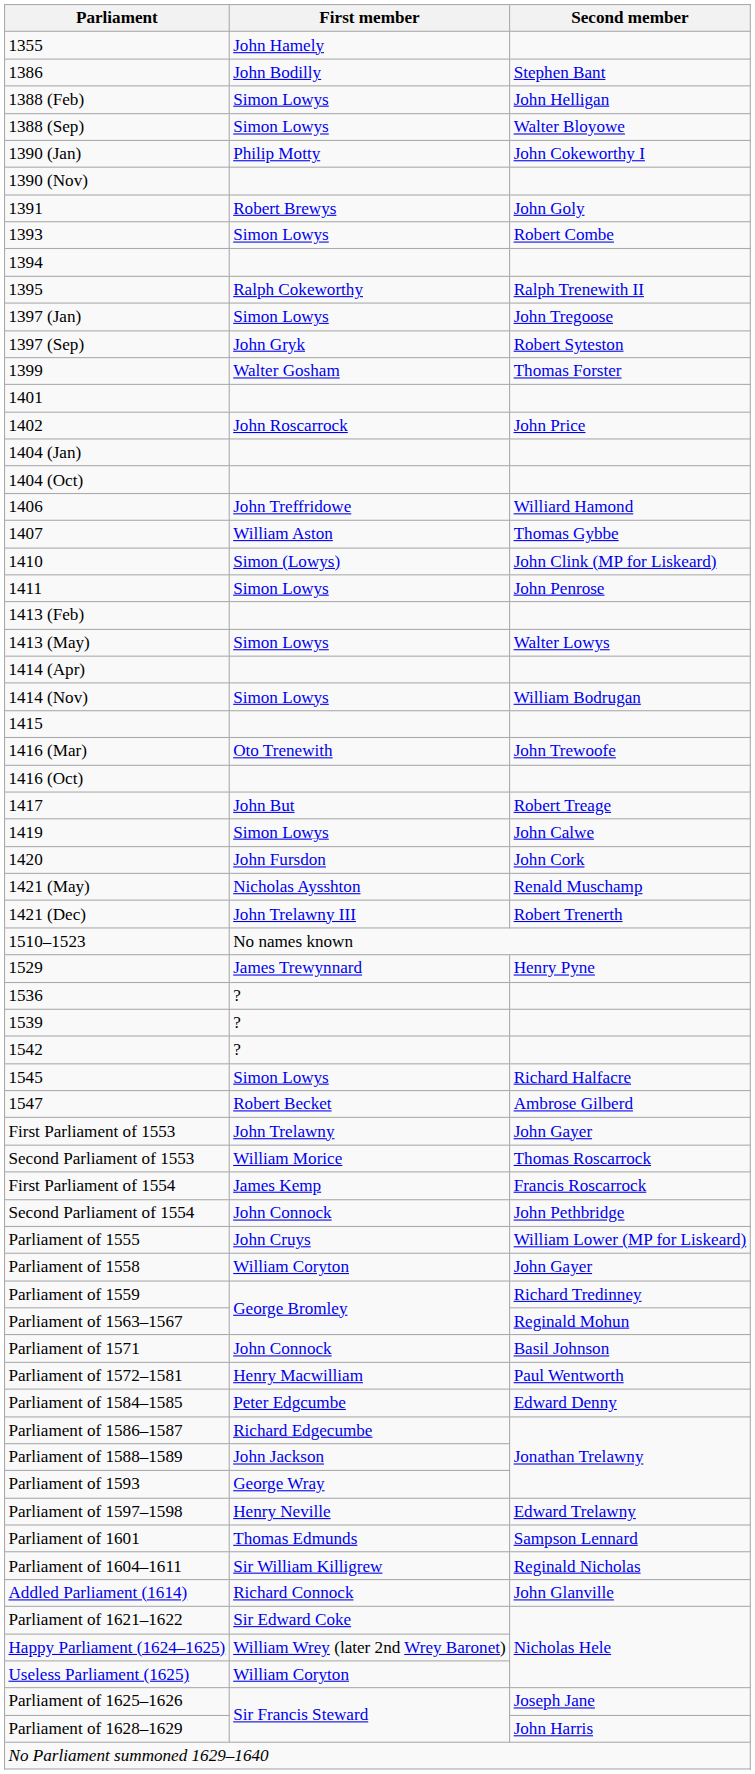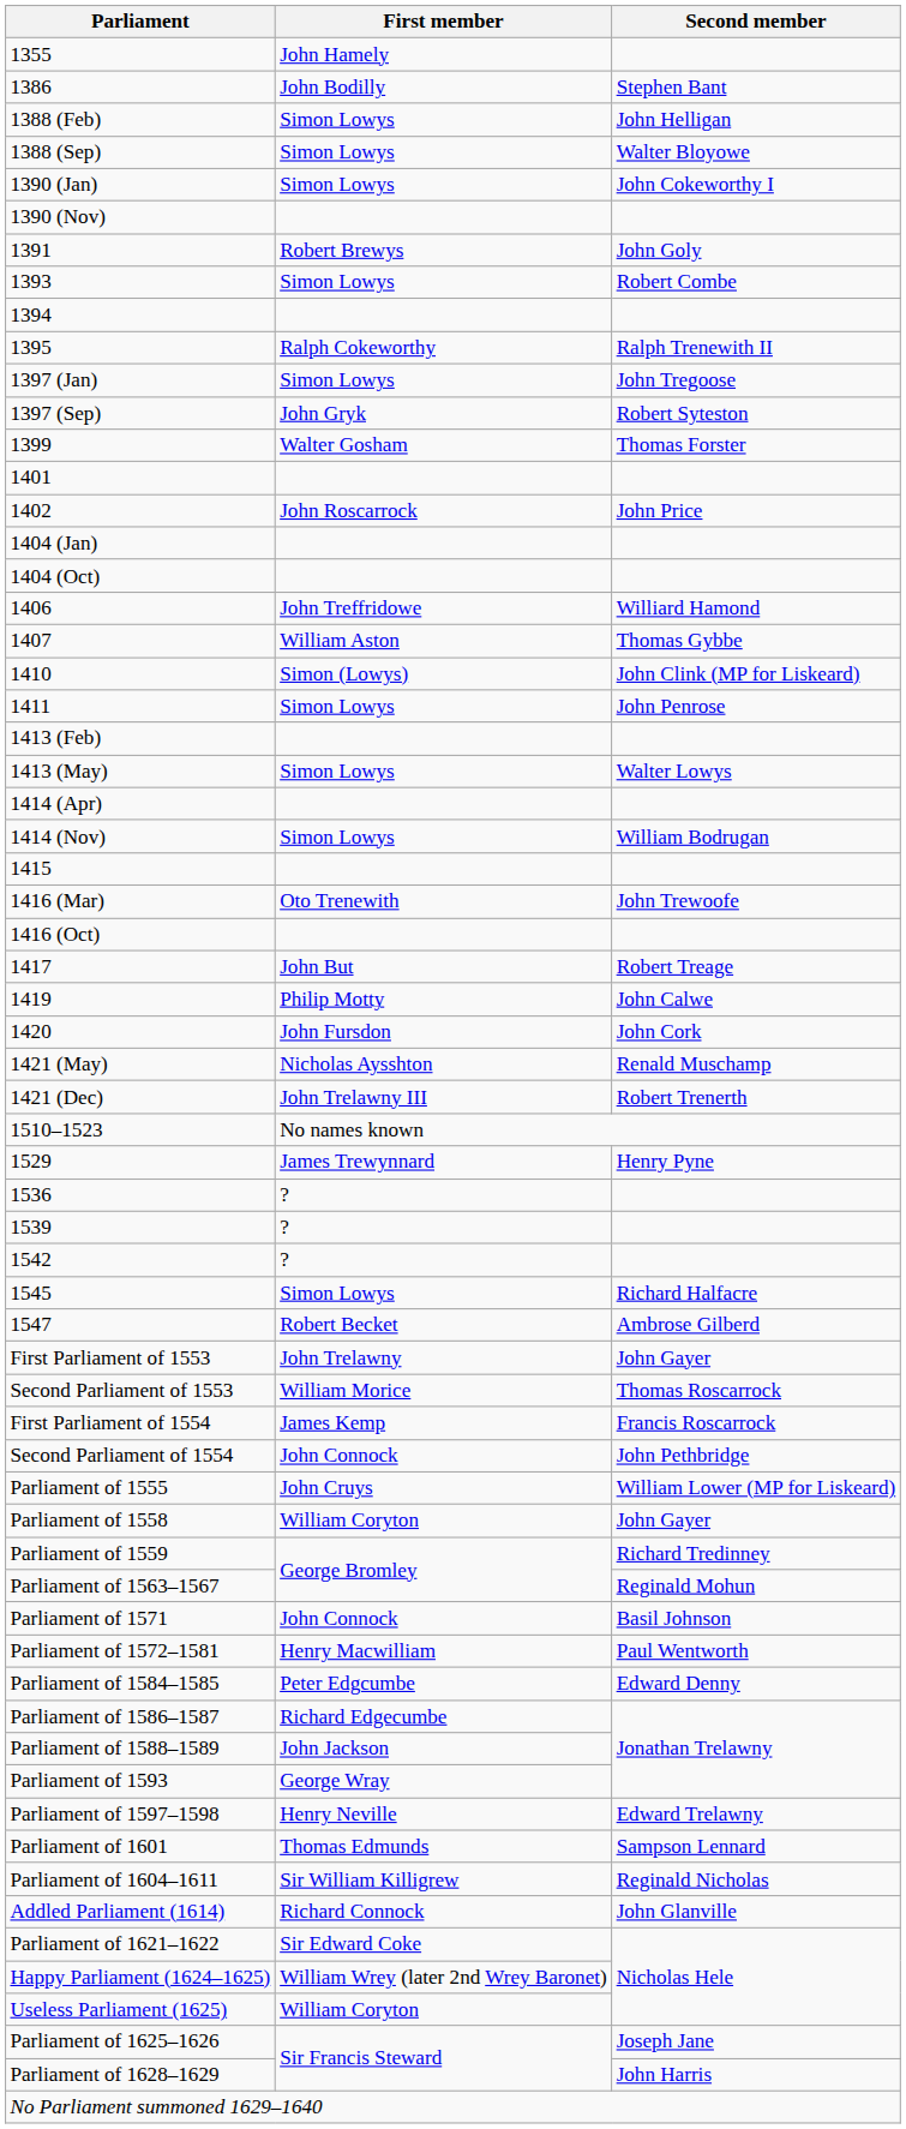 <table class="wikitable">
 <tr>
 <th>Parliament</th>
 <th>First member</th>
 <th>Second member</th>
 </tr>
 <tr>
 <td>1355</td>
 <td><a href='#'>John Hamely</a></td>
 <td></td>
 </tr>
 <tr>
 <td>1386</td>
 <td><a href='#'>John Bodilly</a></td>
 <td><a href='#'>Stephen Bant</a></td>
 </tr>
 <tr>
 <td>1388 (Feb)</td>
 <td><a href='#'>Simon Lowys</a></td>
 <td><a href='#'>John Helligan</a></td>
 </tr>
 <tr>
 <td>1388 (Sep)</td>
 <td><a href='#'>Simon Lowys</a></td>
 <td><a href='#'>Walter Bloyowe</a></td>
 </tr>
 <tr>
 <td>1390 (Jan)</td>
-<td><a href='#'>Philip Motty</a></td>
+<td><a href='#'>Simon Lowys</a></td>
 <td><a href='#'>John Cokeworthy I</a></td>
 </tr>
 <tr>
 <td>1390 (Nov)</td>
 <td></td>
 <td></td>
 </tr>
 <tr>
 <td>1391</td>
 <td><a href='#'>Robert Brewys</a></td>
 <td><a href='#'>John Goly</a></td>
 </tr>
 <tr>
 <td>1393</td>
 <td><a href='#'>Simon Lowys</a></td>
 <td><a href='#'>Robert Combe</a></td>
 </tr>
 <tr>
 <td>1394</td>
 <td></td>
 <td></td>
 </tr>
 <tr>
 <td>1395</td>
 <td><a href='#'>Ralph Cokeworthy</a></td>
 <td><a href='#'>Ralph Trenewith II</a></td>
 </tr>
 <tr>
 <td>1397 (Jan)</td>
 <td><a href='#'>Simon Lowys</a></td>
 <td><a href='#'>John Tregoose</a></td>
 </tr>
 <tr>
 <td>1397 (Sep)</td>
 <td><a href='#'>John Gryk</a></td>
 <td><a href='#'>Robert Syteston</a></td>
 </tr>
 <tr>
 <td>1399</td>
 <td><a href='#'>Walter Gosham</a></td>
 <td><a href='#'>Thomas Forster</a></td>
 </tr>
 <tr>
 <td>1401</td>
 <td></td>
 <td></td>
 </tr>
 <tr>
 <td>1402</td>
 <td><a href='#'>John Roscarrock</a></td>
 <td><a href='#'>John Price</a></td>
 </tr>
 <tr>
 <td>1404 (Jan)</td>
 <td></td>
 <td></td>
 </tr>
 <tr>
 <td>1404 (Oct)</td>
 <td></td>
 <td></td>
 </tr>
 <tr>
 <td>1406</td>
 <td><a href='#'>John Treffridowe</a></td>
 <td><a href='#'>Williard Hamond</a></td>
 </tr>
 <tr>
 <td>1407</td>
 <td><a href='#'>William Aston</a></td>
 <td><a href='#'>Thomas Gybbe</a></td>
 </tr>
 <tr>
 <td>1410</td>
 <td><a href='#'>Simon (Lowys)</a></td>
 <td><a href='#'>John Clink (MP for Liskeard)</a></td>
 </tr>
 <tr>
 <td>1411</td>
 <td><a href='#'>Simon Lowys</a></td>
 <td><a href='#'>John Penrose</a></td>
 </tr>
 <tr>
 <td>1413 (Feb)</td>
 <td></td>
 <td></td>
 </tr>
 <tr>
 <td>1413 (May)</td>
 <td><a href='#'>Simon Lowys</a></td>
 <td><a href='#'>Walter Lowys</a></td>
 </tr>
 <tr>
 <td>1414 (Apr)</td>
 <td></td>
 <td></td>
 </tr>
 <tr>
 <td>1414 (Nov)</td>
 <td><a href='#'>Simon Lowys</a></td>
 <td><a href='#'>William Bodrugan</a></td>
 </tr>
 <tr>
 <td>1415</td>
 <td></td>
 <td></td>
 </tr>
 <tr>
 <td>1416 (Mar)</td>
 <td><a href='#'>Oto Trenewith</a></td>
 <td><a href='#'>John Trewoofe</a></td>
 </tr>
 <tr>
 <td>1416 (Oct)</td>
 <td></td>
 <td></td>
 </tr>
 <tr>
 <td>1417</td>
 <td><a href='#'>John But</a></td>
 <td><a href='#'>Robert Treage</a></td>
 </tr>
 <tr>
 <td>1419</td>
-<td><a href='#'>Simon Lowys</a></td>
+<td><a href='#'>Philip Motty</a></td>
 <td><a href='#'>John Calwe</a></td>
 </tr>
 <tr>
 <td>1420</td>
 <td><a href='#'>John Fursdon</a></td>
 <td><a href='#'>John Cork</a></td>
 </tr>
 <tr>
 <td>1421 (May)</td>
 <td><a href='#'>Nicholas Aysshton</a></td>
 <td><a href='#'>Renald Muschamp</a></td>
 </tr>
 <tr>
 <td>1421 (Dec)</td>
 <td><a href='#'>John Trelawny III</a></td>
 <td><a href='#'>Robert Trenerth</a></td>
 </tr>
 <tr>
 <td>1510–1523</td>
 <td colspan="2">No names known</td>
 </tr>
 <tr>
 <td>1529</td>
 <td><a href='#'>James Trewynnard</a></td>
 <td><a href='#'>Henry Pyne</a></td>
 </tr>
 <tr>
 <td>1536</td>
 <td>?</td>
 <td></td>
 </tr>
 <tr>
 <td>1539</td>
 <td>?</td>
 <td></td>
 </tr>
 <tr>
 <td>1542</td>
 <td>?</td>
 <td></td>
 </tr>
 <tr>
 <td>1545</td>
 <td><a href='#'>Simon Lowys</a></td>
 <td><a href='#'>Richard Halfacre</a></td>
 </tr>
 <tr>
 <td>1547</td>
 <td><a href='#'>Robert Becket</a></td>
 <td><a href='#'>Ambrose Gilberd</a></td>
 </tr>
 <tr>
 <td>First Parliament of 1553</td>
 <td><a href='#'>John Trelawny</a></td>
 <td><a href='#'>John Gayer</a></td>
 </tr>
 <tr>
 <td>Second Parliament of 1553</td>
 <td><a href='#'>William Morice</a></td>
 <td><a href='#'>Thomas Roscarrock</a></td>
 </tr>
 <tr>
 <td>First Parliament of 1554</td>
 <td><a href='#'>James Kemp</a></td>
 <td><a href='#'>Francis Roscarrock</a></td>
 </tr>
 <tr>
 <td>Second Parliament of 1554</td>
 <td><a href='#'>John Connock</a></td>
 <td><a href='#'>John Pethbridge</a></td>
 </tr>
 <tr>
 <td>Parliament of 1555</td>
 <td><a href='#'>John Cruys</a></td>
 <td><a href='#'>William Lower (MP for Liskeard)</a></td>
 </tr>
 <tr>
 <td>Parliament of 1558</td>
 <td><a href='#'>William Coryton</a></td>
 <td><a href='#'>John Gayer</a></td>
 </tr>
 <tr>
 <td>Parliament of 1559</td>
 <td rowspan="2"><a href='#'>George Bromley</a></td>
 <td><a href='#'>Richard Tredinney</a></td>
 </tr>
 <tr>
 <td>Parliament of 1563–1567</td>
 <td><a href='#'>Reginald Mohun</a></td>
 </tr>
 <tr>
 <td>Parliament of 1571</td>
 <td><a href='#'>John Connock</a></td>
 <td><a href='#'>Basil Johnson</a></td>
 </tr>
 <tr>
 <td>Parliament of 1572–1581</td>
 <td><a href='#'>Henry Macwilliam</a></td>
 <td><a href='#'>Paul Wentworth</a></td>
 </tr>
 <tr>
 <td>Parliament of 1584–1585</td>
 <td><a href='#'>Peter Edgcumbe</a></td>
 <td><a href='#'>Edward Denny</a></td>
 </tr>
 <tr>
 <td>Parliament of 1586–1587</td>
 <td><a href='#'>Richard Edgecumbe</a></td>
 <td rowspan="3"><a href='#'>Jonathan Trelawny</a></td>
 </tr>
 <tr>
 <td>Parliament of 1588–1589</td>
 <td><a href='#'>John Jackson</a></td>
 </tr>
 <tr>
 <td>Parliament of 1593</td>
 <td><a href='#'>George Wray</a></td>
 </tr>
 <tr>
 <td>Parliament of 1597–1598</td>
 <td><a href='#'>Henry Neville</a></td>
 <td><a href='#'>Edward Trelawny</a></td>
 </tr>
 <tr>
 <td>Parliament of 1601</td>
 <td><a href='#'>Thomas Edmunds</a></td>
 <td><a href='#'>Sampson Lennard</a></td>
 </tr>
 <tr>
 <td>Parliament of 1604–1611</td>
 <td><a href='#'>Sir William Killigrew</a></td>
 <td><a href='#'>Reginald Nicholas</a></td>
 </tr>
 <tr>
 <td><a href='#'>Addled Parliament (1614)</a></td>
 <td><a href='#'>Richard Connock</a></td>
 <td><a href='#'>John Glanville</a></td>
 </tr>
 <tr>
 <td>Parliament of 1621–1622</td>
 <td><a href='#'>Sir Edward Coke</a></td>
 <td rowspan="3"><a href='#'>Nicholas Hele</a></td>
 </tr>
 <tr>
 <td><a href='#'>Happy Parliament (1624–1625)</a></td>
 <td><a href='#'>William Wrey</a> (later 2nd <a href='#'>Wrey Baronet</a>)</td>
 </tr>
 <tr>
 <td><a href='#'>Useless Parliament (1625)</a></td>
 <td><a href='#'>William Coryton</a></td>
 </tr>
 <tr>
 <td>Parliament of 1625–1626</td>
 <td rowspan="2"><a href='#'>Sir Francis Steward</a></td>
 <td><a href='#'>Joseph Jane</a></td>
 </tr>
 <tr>
 <td>Parliament of 1628–1629</td>
 <td><a href='#'>John Harris</a></td>
 </tr>
 <tr>
 <td colspan="4"><em>No Parliament summoned 1629–1640</em></td>
 </tr>
 </table>
